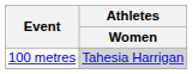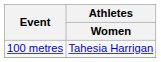 <table class=wikitable style="font-size:90%">
 <tr>
 <th rowspan=2>Event</th>
 <th colspan=1>Athletes</th>
 </tr>
 <tr>
 <th>Women</th>
 </tr>
 <tr>
 <td><a href='#'>100 metres</a></td>
-<td style="background: lightgrey;"><a href='#'>Tahesia Harrigan</a></td>
+<td><a href='#'>Tahesia Harrigan</a></td>
 </tr>
 <tr>
 </tr>
 </table>
